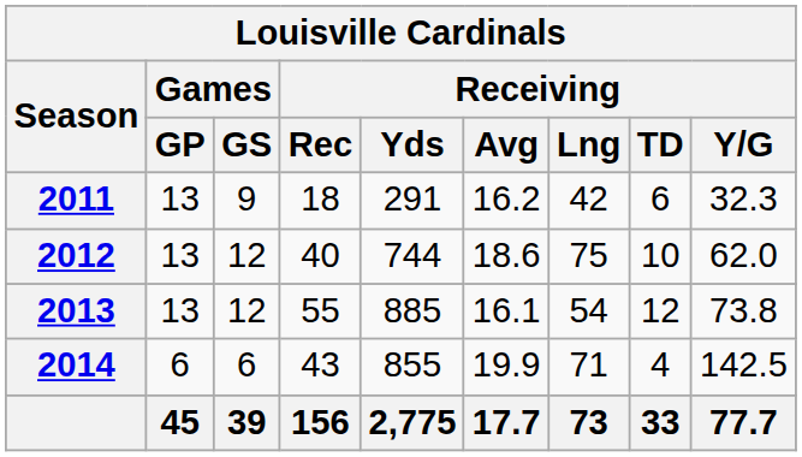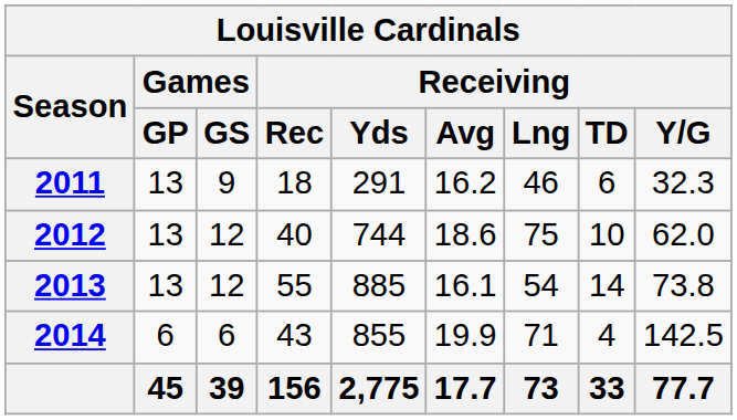 <table class=wikitable style="text-align:center;">
 <tr>
 <th colspan="15">Louisville Cardinals</th>
 </tr>
 <tr>
 <th rowspan="2">Season</th>
 <th colspan="2">Games</th>
 <th colspan="8">Receiving</th>
 </tr>
 <tr>
 <th>GP</th>
 <th>GS</th>
 <th>Rec</th>
 <th>Yds</th>
 <th>Avg</th>
 <th>Lng</th>
 <th>TD</th>
 <th>Y/G</th>
 </tr>
 <tr>
 <th><a href='#'>2011</a></th>
 <td>13</td>
 <td>9</td>
 <td>18</td>
 <td>291</td>
 <td>16.2</td>
-<td>42</td>
+<td>46</td>
 <td>6</td>
 <td>32.3</td>
 </tr>
 <tr>
 <th><a href='#'>2012</a></th>
 <td>13</td>
 <td>12</td>
 <td>40</td>
 <td>744</td>
 <td>18.6</td>
 <td>75</td>
 <td>10</td>
 <td>62.0</td>
 </tr>
 <tr>
 <th><a href='#'>2013</a></th>
 <td>13</td>
 <td>12</td>
 <td>55</td>
 <td>885</td>
 <td>16.1</td>
 <td>54</td>
-<td>12</td>
+<td>14</td>
 <td>73.8</td>
 </tr>
 <tr>
 <th><a href='#'>2014</a></th>
 <td>6</td>
 <td>6</td>
 <td>43</td>
 <td>855</td>
 <td>19.9</td>
 <td>71</td>
 <td>4</td>
 <td>142.5</td>
 </tr>
 <tr>
 <th></th>
 <th>45</th>
 <th>39</th>
 <th>156</th>
 <th>2,775</th>
 <th>17.7</th>
 <th>73</th>
 <th>33</th>
 <th>77.7</th>
 </tr>
 </table>
